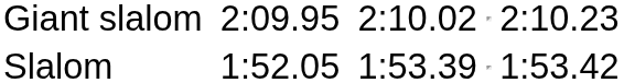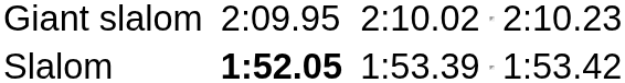 <table>
 <tr>
 <td>Giant slalom</td>
 <td></td>
 <td>2:09.95</td>
 <td></td>
 <td>2:10.02</td>
 <td><hr></td>
 <td>2:10.23</td>
 </tr>
 <tr>
 <td>Slalom<br></td>
 <td></td>
-<td>1:52.05</td>
+<td><strong>1:52.05</strong></td>
 <td></td>
 <td>1:53.39</td>
 <td><hr></td>
 <td>1:53.42</td>
 </tr>
 </table>
